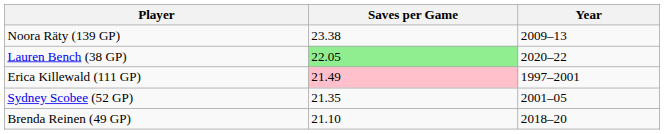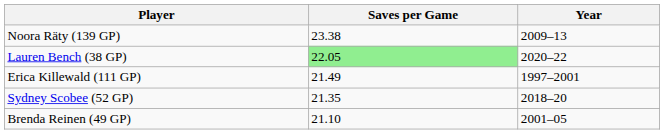 <table class="wikitable" style="width: 50em">
 <tr>
 <th>Player</th>
 <th>Saves per Game</th>
 <th>Year</th>
 </tr>
 <tr>
 <td>Noora Räty (139 GP)</td>
 <td>23.38</td>
 <td>2009–13</td>
 </tr>
 <tr>
 <td><a href='#'>Lauren Bench</a> (38 GP)</td>
 <td style="background: lightgreen;">22.05</td>
 <td>2020–22</td>
 </tr>
 <tr>
 <td>Erica Killewald (111 GP)</td>
-<td style="background: pink;">21.49</td>
+<td>21.49</td>
 <td>1997–2001</td>
 </tr>
 <tr>
 <td><a href='#'>Sydney Scobee</a> (52 GP)</td>
 <td>21.35</td>
-<td>2001–05</td>
+<td>2018–20</td>
 </tr>
 <tr>
 <td>Brenda Reinen (49 GP)</td>
 <td>21.10</td>
-<td>2018–20</td>
+<td>2001–05</td>
 </tr>
 </table>
